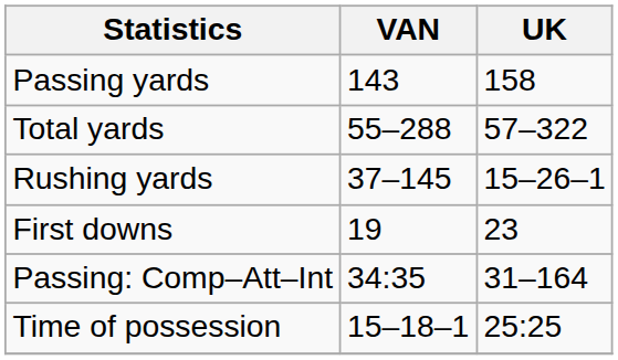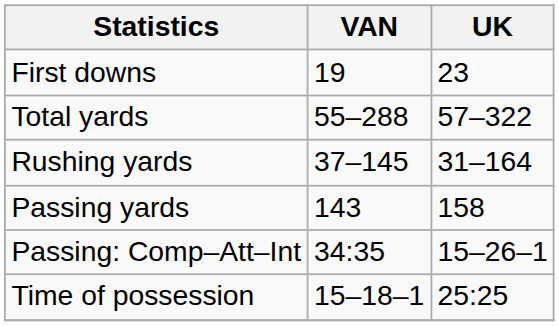 <table class="wikitable" style="float: left;">
 <tr>
 <th>Statistics</th>
 <th>VAN</th>
 <th>UK</th>
 </tr>
 <tr>
-<td>Passing yards</td>
-<td>143</td>
-<td>158</td>
+<td>First downs</td>
+<td>19</td>
+<td>23</td>
 </tr>
 <tr>
 <td>Total yards</td>
 <td>55–288</td>
 <td>57–322</td>
 </tr>
 <tr>
 <td>Rushing yards</td>
 <td>37–145</td>
-<td>15–26–1</td>
+<td>31–164</td>
 </tr>
 <tr>
-<td>First downs</td>
-<td>19</td>
-<td>23</td>
+<td>Passing yards</td>
+<td>143</td>
+<td>158</td>
 </tr>
 <tr>
 <td>Passing: Comp–Att–Int</td>
 <td>34:35</td>
-<td>31–164</td>
+<td>15–26–1</td>
 </tr>
 <tr>
 <td>Time of possession</td>
 <td>15–18–1</td>
 <td>25:25</td>
 </tr>
 <tr>
 </tr>
 </table>
